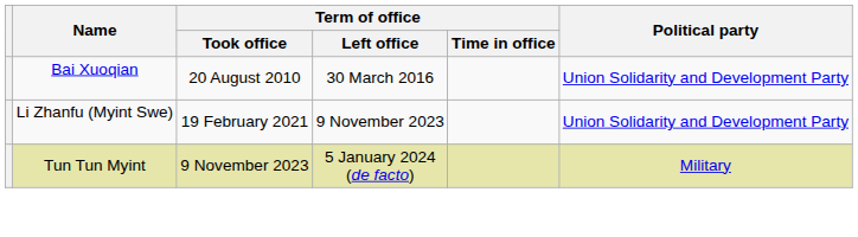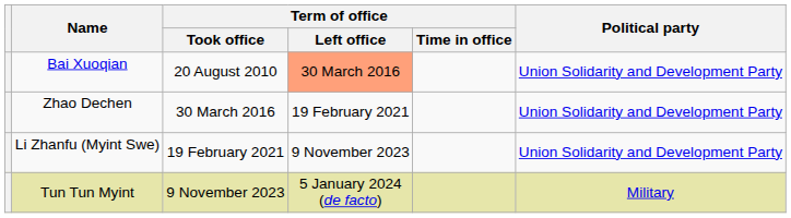 <table class="wikitable" style="text-align:center">
 <tr>
 <th rowspan="2"></th>
 <th rowspan="2">Name</th>
 <th colspan="3">Term of office</th>
 <th rowspan="2">Political party</th>
 </tr>
 <tr>
 <th>Took office</th>
 <th>Left office</th>
 <th>Time in office</th>
 </tr>
 <tr>
 <th style="background:"></th>
 <td><a href='#'>Bai Xuoqian</a><br><br></td>
 <td>20 August 2010</td>
+<td style="background: lightsalmon;">30 March 2016</td>
+<td></td>
+<td><a href='#'>Union Solidarity and Development Party</a></td>
+</tr>
+<tr>
+<th style="background:"></th>
+<td>Zhao Dechen<br><br></td>
 <td>30 March 2016</td>
+<td>19 February 2021</td>
 <td></td>
 <td><a href='#'>Union Solidarity and Development Party</a></td>
 </tr>
 <tr>
 <th style="background:"></th>
 <td>Li Zhanfu (Myint Swe)<br><br></td>
 <td>19 February 2021</td>
 <td>9 November 2023</td>
 <td></td>
 <td><a href='#'>Union Solidarity and Development Party</a></td>
 </tr>
 <tr style="background:#e6e6aa;">
 <th style="background:"></th>
 <td> Tun Tun Myint<br></td>
 <td>9 November 2023</td>
 <td>5 January 2024<br>(<em><a href='#'>de facto</a></em>)</td>
 <td></td>
 <td><a href='#'>Military</a></td>
 </tr>
 </table>
